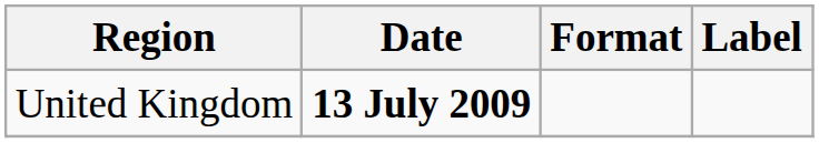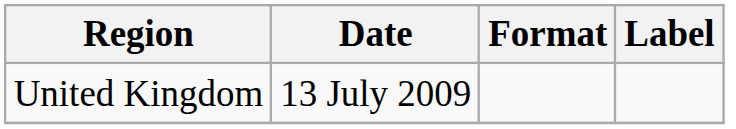 <table class="wikitable">
 <tr>
 <th>Region</th>
 <th>Date</th>
 <th>Format</th>
 <th>Label</th>
 </tr>
 <tr>
 <td rowspan=1>United Kingdom</td>
-<td rowspan=1><strong>13 July 2009</strong></td>
+<td rowspan=1>13 July 2009</td>
 <td></td>
 <td rowspan=1></td>
 </tr>
 <tr>
 </tr>
 </table>
